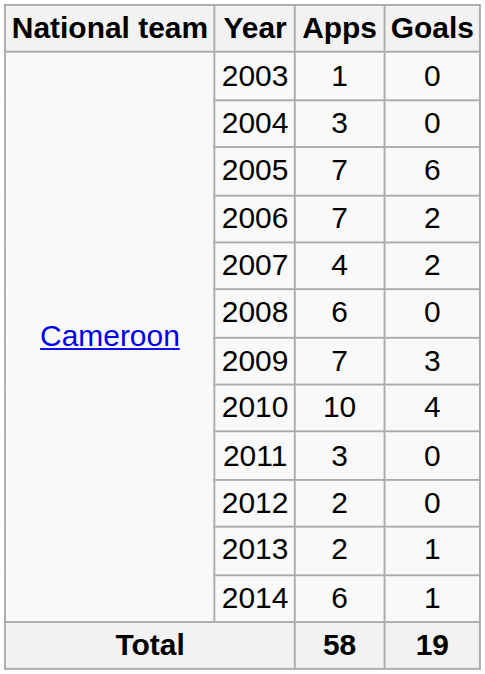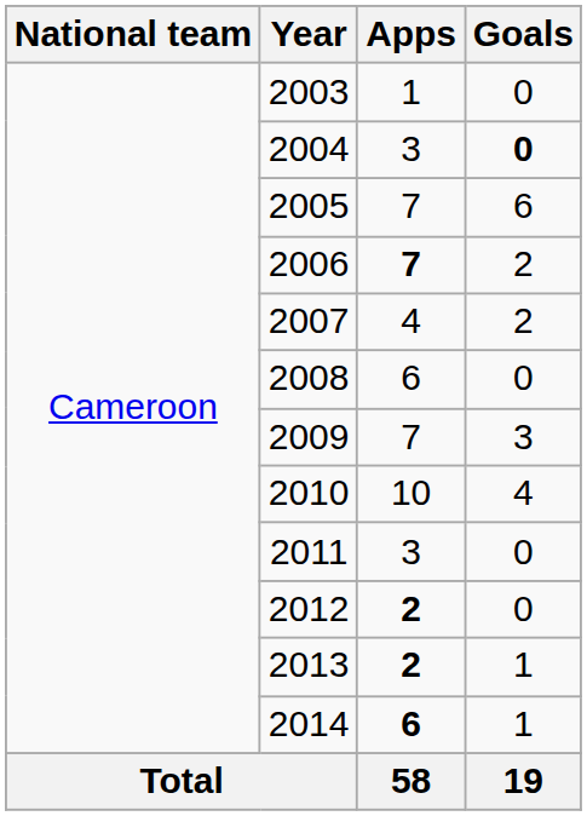 <table class="wikitable" style="text-align:center">
 <tr>
 <th>National team</th>
 <th>Year</th>
 <th>Apps</th>
 <th>Goals</th>
 </tr>
 <tr>
 <td rowspan="12"><a href='#'>Cameroon</a></td>
 <td>2003</td>
 <td>1</td>
 <td>0</td>
 </tr>
 <tr>
 <td>2004</td>
 <td>3</td>
-<td>0</td>
+<td><strong>0</strong></td>
 </tr>
 <tr>
 <td>2005</td>
 <td>7</td>
 <td>6</td>
 </tr>
 <tr>
 <td>2006</td>
-<td>7</td>
+<td><strong>7</strong></td>
 <td>2</td>
 </tr>
 <tr>
 <td>2007</td>
 <td>4</td>
 <td>2</td>
 </tr>
 <tr>
 <td>2008</td>
 <td>6</td>
 <td>0</td>
 </tr>
 <tr>
 <td>2009</td>
 <td>7</td>
 <td>3</td>
 </tr>
 <tr>
 <td>2010</td>
 <td>10</td>
 <td>4</td>
 </tr>
 <tr>
 <td>2011</td>
 <td>3</td>
 <td>0</td>
 </tr>
 <tr>
 <td>2012</td>
-<td>2</td>
+<td><strong>2</strong></td>
 <td>0</td>
 </tr>
 <tr>
 <td>2013</td>
-<td>2</td>
+<td><strong>2</strong></td>
 <td>1</td>
 </tr>
 <tr>
 <td>2014</td>
-<td>6</td>
+<td><strong>6</strong></td>
 <td>1</td>
 </tr>
 <tr>
 <th colspan="2">Total</th>
 <th>58</th>
 <th>19</th>
 </tr>
 </table>
